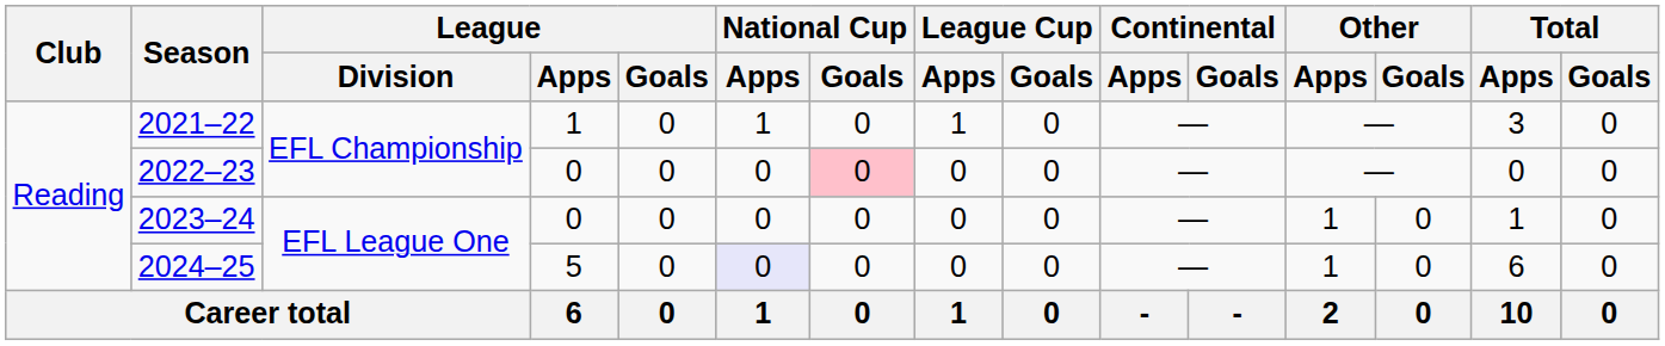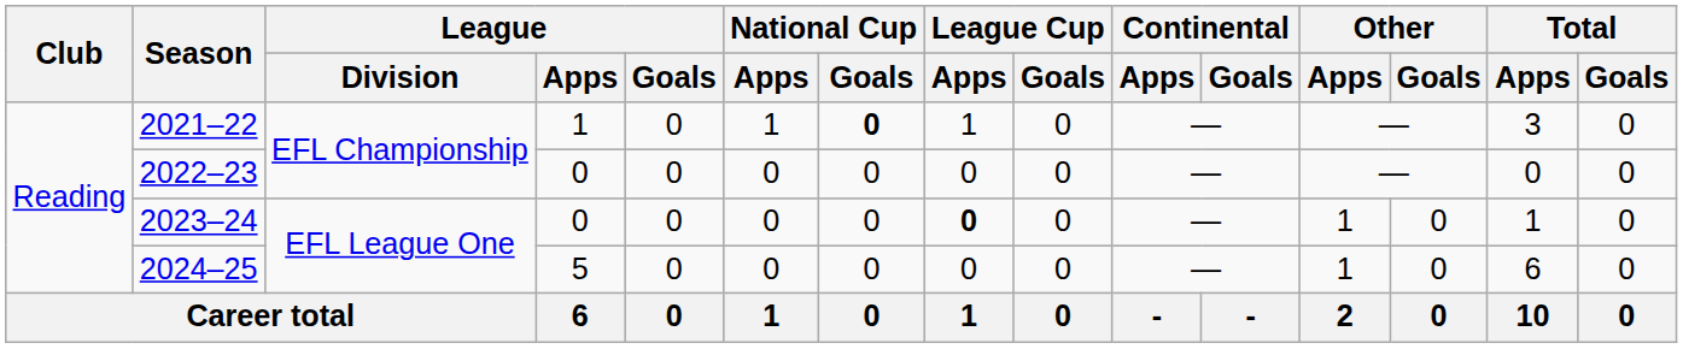 <table class="wikitable" style="text-align:center">
 <tr>
 <th rowspan="2">Club</th>
 <th rowspan="2">Season</th>
 <th colspan="3">League</th>
 <th colspan="2">National Cup</th>
 <th colspan="2">League Cup</th>
 <th colspan="2">Continental</th>
 <th colspan="2">Other</th>
 <th colspan="2">Total</th>
 </tr>
 <tr>
 <th>Division</th>
 <th>Apps</th>
 <th>Goals</th>
 <th>Apps</th>
 <th>Goals</th>
 <th>Apps</th>
 <th>Goals</th>
 <th>Apps</th>
 <th>Goals</th>
 <th>Apps</th>
 <th>Goals</th>
 <th>Apps</th>
 <th>Goals</th>
 </tr>
 <tr>
 <td rowspan="4"><a href='#'>Reading</a></td>
 <td><a href='#'>2021–22</a></td>
 <td rowspan="2"><a href='#'>EFL Championship</a></td>
 <td>1</td>
 <td>0</td>
 <td>1</td>
-<td>0</td>
+<td><strong>0</strong></td>
 <td>1</td>
 <td>0</td>
 <td colspan="2">—</td>
 <td colspan="2">—</td>
 <td>3</td>
 <td>0</td>
 </tr>
 <tr>
 <td><a href='#'>2022–23</a></td>
 <td>0</td>
 <td>0</td>
 <td>0</td>
-<td style="background: pink;">0</td>
+<td>0</td>
 <td>0</td>
 <td>0</td>
 <td colspan="2">—</td>
 <td colspan="2">—</td>
 <td>0</td>
 <td>0</td>
 </tr>
 <tr>
 <td><a href='#'>2023–24</a></td>
 <td rowspan="2"><a href='#'>EFL League One</a></td>
 <td>0</td>
 <td>0</td>
 <td>0</td>
 <td>0</td>
-<td>0</td>
+<td><strong>0</strong></td>
 <td>0</td>
 <td colspan="2">—</td>
 <td>1</td>
 <td>0</td>
 <td>1</td>
 <td>0</td>
 </tr>
 <tr>
 <td><a href='#'>2024–25</a></td>
 <td>5</td>
 <td>0</td>
-<td style="background: lavender;">0</td>
+<td>0</td>
 <td>0</td>
 <td>0</td>
 <td>0</td>
 <td colspan="2">—</td>
 <td>1</td>
 <td>0</td>
 <td>6</td>
 <td>0</td>
 </tr>
 <tr>
 <th colspan="3">Career total</th>
 <th>6</th>
 <th>0</th>
 <th>1</th>
 <th>0</th>
 <th>1</th>
 <th>0</th>
 <th>-</th>
 <th>-</th>
 <th>2</th>
 <th>0</th>
 <th>10</th>
 <th>0</th>
 </tr>
 </table>
